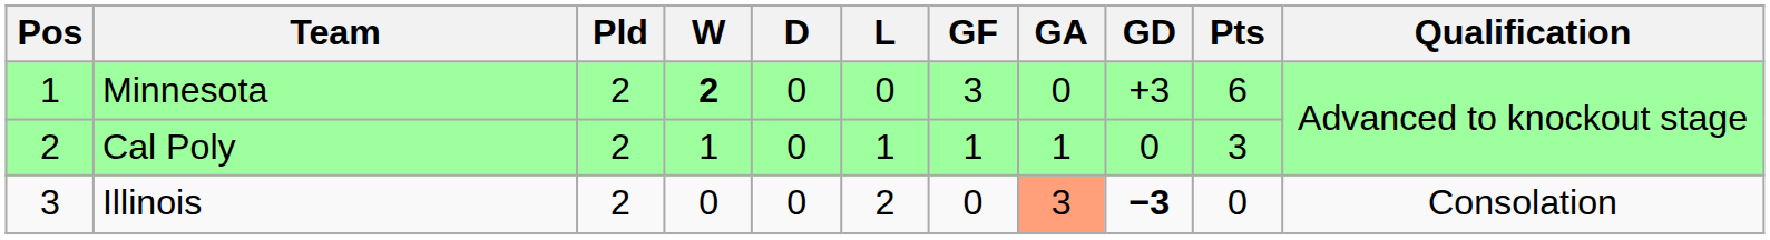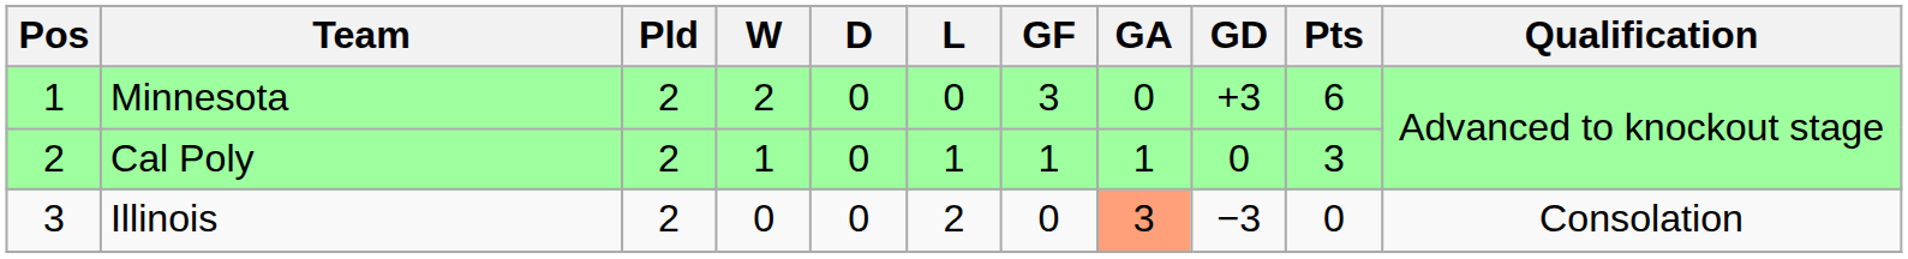 <table class="wikitable" style="text-align:center; margin: 1em auto">
 <tr>
 <th style="width:2em">Pos</th>
 <th style="width:13em">Team</th>
 <th style="width:2em">Pld</th>
 <th style="width:2em">W</th>
 <th style="width:2em">D</th>
 <th style="width:2em">L</th>
 <th style="width:2em">GF</th>
 <th style="width:2em">GA</th>
 <th style="width:2em">GD</th>
 <th style="width:2em">Pts</th>
 <th style="width:13em">Qualification</th>
 </tr>
 <tr bgcolor="#9eff9e">
 <td>1</td>
 <td style="text-align:left">Minnesota</td>
 <td>2</td>
-<td><strong>2</strong></td>
+<td>2</td>
 <td>0</td>
 <td>0</td>
 <td>3</td>
 <td>0</td>
 <td>+3</td>
 <td>6</td>
 <td rowspan="2">Advanced to knockout stage</td>
 </tr>
 <tr bgcolor="#9eff9e">
 <td>2</td>
 <td style="text-align:left">Cal Poly</td>
 <td>2</td>
 <td>1</td>
 <td>0</td>
 <td>1</td>
 <td>1</td>
 <td>1</td>
 <td>0</td>
 <td>3</td>
 </tr>
 <tr>
 <td>3</td>
 <td style="text-align:left">Illinois</td>
 <td>2</td>
 <td>0</td>
 <td>0</td>
 <td>2</td>
 <td>0</td>
 <td style="background: lightsalmon;">3</td>
-<td><strong>−3</strong></td>
+<td>−3</td>
 <td>0</td>
 <td>Consolation</td>
 </tr>
 </table>
